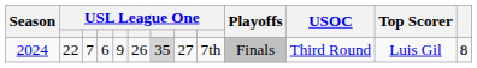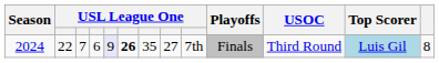 <table class="wikitable" style="text-align: center">
 <tr>
 <th rowspan="2" scope="col">Season</th>
 <th colspan="8" class="unsortable"><a href='#'>USL League One</a></th>
 <th rowspan="2" class="unsortable" scope="col">Playoffs</th>
 <th rowspan="2" class="unsortable" scope="col"><a href='#'>USOC</a></th>
 <th rowspan="2" class="unsortable" scope="col">Top Scorer </th>
 <th rowspan="2"></th>
 </tr>
 <tr>
 <th></th>
 <th></th>
 <th></th>
 <th></th>
 <th></th>
 <th></th>
 <th></th>
 <th></th>
 </tr>
 <tr>
 <td><a href='#'>2024</a></td>
 <td>22</td>
 <td>7</td>
 <td>6</td>
-<td>9</td>
-<td>26</td>
-<td style="background: lightgrey;">35</td>
+<td style="background: lavender;">9</td>
+<td><strong>26</strong></td>
+<td>35</td>
 <td>27</td>
 <td>7th</td>
 <td bgcolor=silver>Finals</td>
 <td><a href='#'>Third Round</a></td>
-<td> <a href='#'>Luis Gil</a></td>
+<td style="background: lightblue;"> <a href='#'>Luis Gil</a></td>
 <td>8</td>
 </tr>
 </table>
